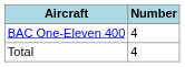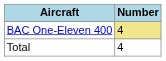 <table class="toccolours" border="1" cellpadding="3" style="border-collapse:collapse">
 <tr bgcolor=lightblue>
 <th>Aircraft</th>
 <th>Number</th>
 </tr>
 <tr>
 <td><a href='#'>BAC One-Eleven 400</a></td>
-<td>4</td>
+<td style="background: khaki;">4</td>
 </tr>
 <tr>
 <td>Total</td>
 <td>4</td>
 </tr>
 </table>
